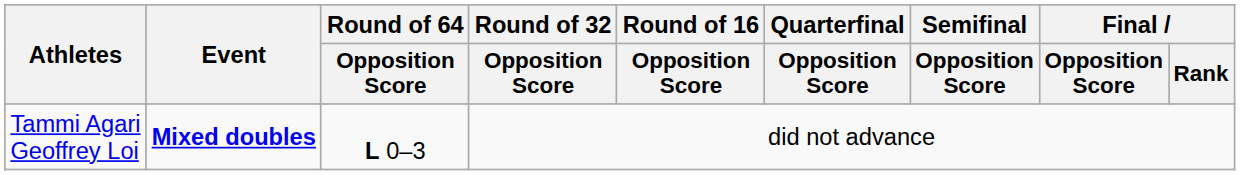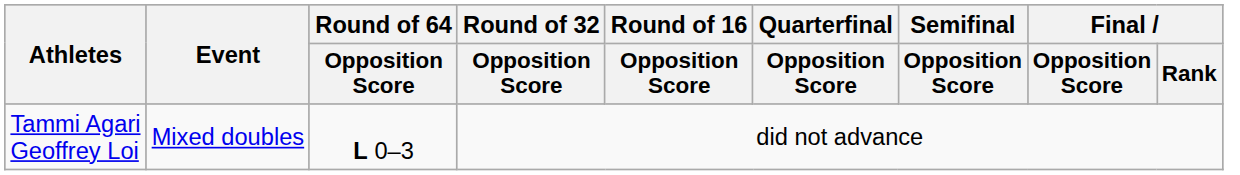 <table class=wikitable style=font-size:88%;text-align:center>
 <tr>
 <th rowspan=2>Athletes</th>
 <th rowspan=2>Event</th>
 <th>Round of 64</th>
 <th>Round of 32</th>
 <th>Round of 16</th>
 <th>Quarterfinal</th>
 <th>Semifinal</th>
 <th colspan=2>Final / </th>
 </tr>
 <tr style=font-size:95%>
 <th>Opposition<br>Score</th>
 <th>Opposition<br>Score</th>
 <th>Opposition<br>Score</th>
 <th>Opposition<br>Score</th>
 <th>Opposition<br>Score</th>
 <th>Opposition<br>Score</th>
 <th>Rank</th>
 </tr>
 <tr>
 <td align=left><a href='#'>Tammi Agari</a><br><a href='#'>Geoffrey Loi</a></td>
-<td align=left><strong><a href='#'>Mixed doubles</a></strong></td>
+<td align=left><a href='#'>Mixed doubles</a></td>
 <td><br><strong>L</strong> 0–3</td>
 <td colspan=6>did not advance</td>
 </tr>
 </table>
